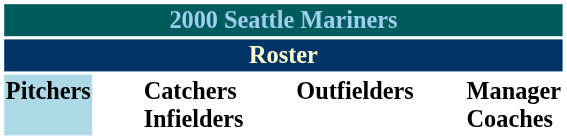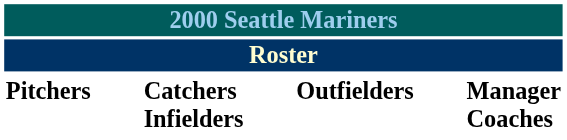 <table class="toccolours" style="font-size: 95%;">
 <tr>
 <th colspan="10" style="background-color: #005c5c; color:#9ECEEE; text-align: center;">2000 Seattle Mariners</th>
 </tr>
 <tr>
 <td colspan="10" style="background-color: #003366; color: #FFFDD0; text-align: center;"><strong>Roster</strong></td>
 </tr>
 <tr>
-<td valign="top" style="background: lightblue;"><strong>Pitchers</strong><br>              </td>
+<td valign="top"><strong>Pitchers</strong><br>              </td>
 <td width="25px"></td>
 <td valign="top"><strong>Catchers</strong><br>     <strong>Infielders</strong>         </td>
 <td width="25px"></td>
 <td valign="top"><strong>Outfielders</strong><br>       </td>
 <td width="25px"></td>
 <td valign="top"><strong>Manager</strong><br> <strong>Coaches</strong>      </td>
 </tr>
 </table>
